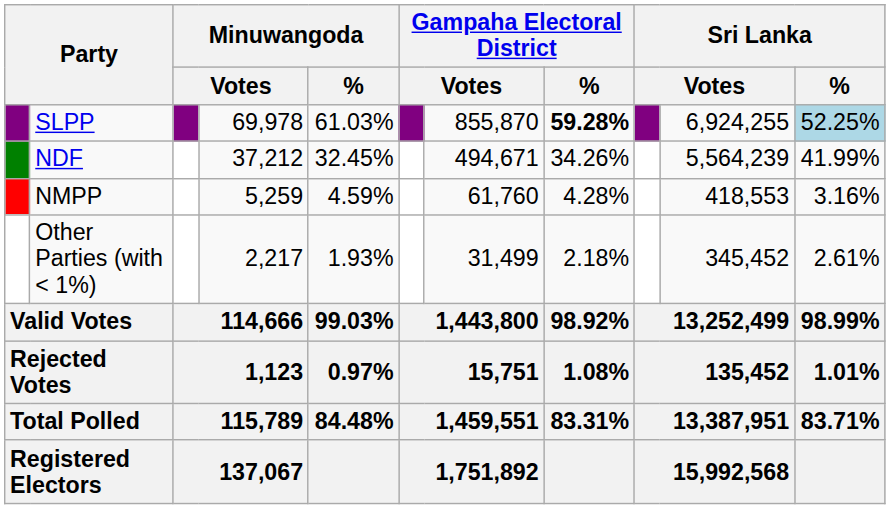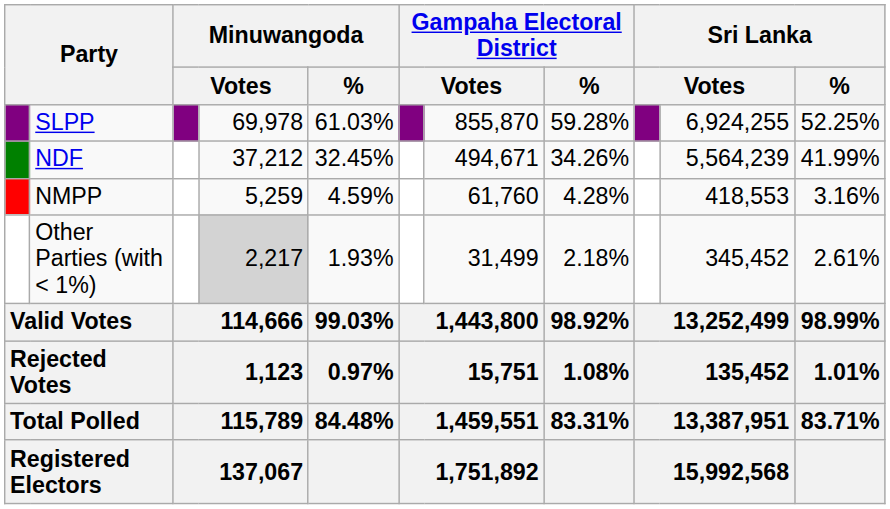 <table class="wikitable">
 <tr>
 <th colspan="2" width="144px"rowspan="2">Party</th>
 <th colspan="3" width="216px">Minuwangoda</th>
 <th colspan="3" width="216px"><a href='#'>Gampaha Electoral District</a></th>
 <th colspan="3" width="216px">Sri Lanka</th>
 </tr>
 <tr>
 <th colspan="2" width="144px">Votes</th>
 <th>%</th>
 <th colspan="2" width="144px">Votes</th>
 <th>%</th>
 <th colspan="2" width="144px">Votes</th>
 <th>%</th>
 </tr>
 <tr>
 <td style="background-color:purple;" width="10px"></td>
 <td style="text-align:left;"><a href='#'>SLPP</a></td>
 <td style="background-color:purple;" width="10px"></td>
 <td style="text-align:right;">69,978</td>
 <td style="text-align:right;">61.03%</td>
 <td style="background-color:purple;" width="10px"></td>
 <td style="text-align:right;">855,870</td>
-<td style="text-align:right;"><strong>59.28%</strong></td>
+<td style="text-align:right;">59.28%</td>
 <td style="background-color:purple;" width="10px"></td>
 <td style="text-align:right;">6,924,255</td>
-<td style="background: lightblue; text-align:right;">52.25%</td>
+<td style="text-align:right;">52.25%</td>
 </tr>
 <tr>
 <td style="background-color:green;" width="10px"></td>
 <td style="text-align:left;"><a href='#'>NDF</a></td>
 <td style="background-color:white;" width="10px"></td>
 <td style="text-align:right;">37,212</td>
 <td style="text-align:right;">32.45%</td>
 <td style="background-color:white;" width="10px"></td>
 <td style="text-align:right;">494,671</td>
 <td style="text-align:right;">34.26%</td>
 <td style="background-color:white;" width="10px"></td>
 <td style="text-align:right;">5,564,239</td>
 <td style="text-align:right;">41.99%</td>
 </tr>
 <tr>
 <td style="background-color:red;" width="10px"></td>
 <td style="text-align:left;">NMPP</td>
 <td style="background-color:white;" width="10px"></td>
 <td style="text-align:right;">5,259</td>
 <td style="text-align:right;">4.59%</td>
 <td style="background-color:white;" width="10px"></td>
 <td style="text-align:right;">61,760</td>
 <td style="text-align:right;">4.28%</td>
 <td style="background-color:white;" width="10px"></td>
 <td style="text-align:right;">418,553</td>
 <td style="text-align:right;">3.16%</td>
 </tr>
 <tr>
 <td style="background-color:white;" width="10px"></td>
 <td style="text-align:left;">Other Parties (with < 1%)</td>
 <td style="background-color:white;" width="10px"></td>
-<td style="text-align:right;">2,217</td>
+<td style="background: lightgrey; text-align:right;">2,217</td>
 <td style="text-align:right;">1.93%</td>
 <td style="background-color:white;" width="10px"></td>
 <td style="text-align:right;">31,499</td>
 <td style="text-align:right;">2.18%</td>
 <td style="background-color:white;" width="10px"></td>
 <td style="text-align:right;">345,452</td>
 <td style="text-align:right;">2.61%</td>
 </tr>
 <tr>
 <th colspan="2" width="144px"style="text-align:left;">Valid Votes</th>
 <th style="text-align:right;"colspan="2" width="144px">114,666</th>
 <th style="text-align:right;">99.03%</th>
 <th style="text-align:right;"colspan="2" width="144px">1,443,800</th>
 <th style="text-align:right;">98.92%</th>
 <th style="text-align:right;"colspan="2" width="144px">13,252,499</th>
 <th style="text-align:right;">98.99%</th>
 </tr>
 <tr>
 <th colspan="2" width="144px"style="text-align:left;">Rejected Votes</th>
 <th style="text-align:right;"colspan="2" width="144px">1,123</th>
 <th style="text-align:right;">0.97%</th>
 <th style="text-align:right;"colspan="2" width="144px">15,751</th>
 <th style="text-align:right;">1.08%</th>
 <th style="text-align:right;"colspan="2" width="144px">135,452</th>
 <th style="text-align:right;">1.01%</th>
 </tr>
 <tr>
 <th colspan="2" width="144px"style="text-align:left;">Total Polled</th>
 <th style="text-align:right;"colspan="2" width="144px">115,789</th>
 <th style="text-align:right;">84.48%</th>
 <th style="text-align:right;"colspan="2" width="144px">1,459,551</th>
 <th style="text-align:right;">83.31%</th>
 <th style="text-align:right;"colspan="2" width="144px">13,387,951</th>
 <th style="text-align:right;">83.71%</th>
 </tr>
 <tr>
 <th colspan="2" width="144px"style="text-align:left;">Registered Electors</th>
 <th style="text-align:right;"colspan="2" width="144px">137,067</th>
 <th></th>
 <th style="text-align:right;"colspan="2" width="144px">1,751,892</th>
 <th></th>
 <th style="text-align:right;"colspan="2" width="144px">15,992,568</th>
 <th></th>
 </tr>
 </table>
